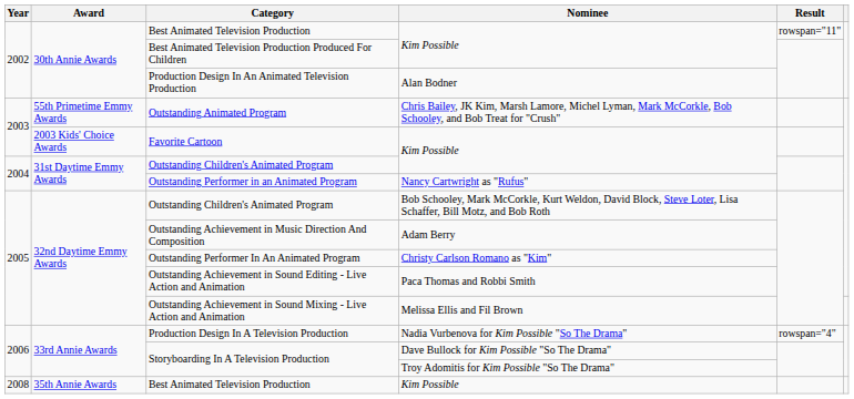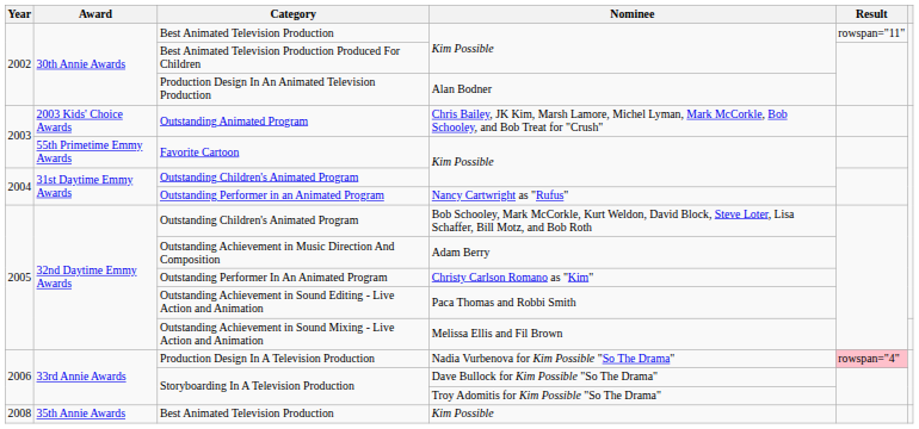 <table class="wikitable sortable">
 <tr>
 <th>Year</th>
 <th>Award</th>
 <th>Category</th>
 <th>Nominee</th>
 <th>Result</th>
 <th></th>
 </tr>
 <tr>
 <td rowspan="3">2002</td>
 <td rowspan="3"><a href='#'>30th Annie Awards</a></td>
 <td>Best Animated Television Production</td>
 <td rowspan="2"><em>Kim Possible</em></td>
 <td>rowspan="11" </td>
 <td rowspan="3" align=center></td>
 </tr>
 <tr>
 <td>Best Animated Television Production Produced For Children</td>
 </tr>
 <tr>
 <td>Production Design In An Animated Television Production</td>
 <td>Alan Bodner</td>
 </tr>
 <tr>
 <td rowspan="2">2003</td>
-<td><a href='#'>55th Primetime Emmy Awards</a></td>
+<td><a href='#'>2003 Kids' Choice Awards</a></td>
 <td><a href='#'>Outstanding Animated Program</a></td>
 <td><a href='#'>Chris Bailey</a>, JK Kim, Marsh Lamore, Michel Lyman, <a href='#'>Mark McCorkle</a>, <a href='#'>Bob Schooley</a>, and Bob Treat for "Crush"</td>
 <td align=center></td>
 </tr>
 <tr>
-<td><a href='#'>2003 Kids' Choice Awards</a></td>
+<td><a href='#'>55th Primetime Emmy Awards</a></td>
 <td><a href='#'>Favorite Cartoon</a></td>
 <td rowspan="2"><em>Kim Possible</em></td>
 <td align=center></td>
 </tr>
 <tr>
 <td rowspan="2">2004</td>
 <td rowspan="2"><a href='#'>31st Daytime Emmy Awards</a></td>
 <td><a href='#'>Outstanding Children's Animated Program</a></td>
 <td rowspan="2" align=center></td>
 </tr>
 <tr>
 <td><a href='#'>Outstanding Performer in an Animated Program</a></td>
 <td><a href='#'>Nancy Cartwright</a> as "<a href='#'>Rufus</a>"</td>
 </tr>
 <tr>
 <td rowspan="5">2005</td>
 <td rowspan="5"><a href='#'>32nd Daytime Emmy Awards</a></td>
 <td>Outstanding Children's Animated Program</td>
 <td>Bob Schooley, Mark McCorkle, Kurt Weldon, David Block, <a href='#'>Steve Loter</a>, Lisa Schaffer, Bill Motz, and Bob Roth</td>
 <td rowspan="5" align=center></td>
 </tr>
 <tr>
 <td>Outstanding Achievement in Music Direction And Composition</td>
 <td>Adam Berry</td>
 </tr>
 <tr>
 <td>Outstanding Performer In An Animated Program</td>
 <td><a href='#'>Christy Carlson Romano</a> as "<a href='#'>Kim</a>"</td>
 </tr>
 <tr>
 <td>Outstanding Achievement in Sound Editing - Live Action and Animation</td>
 <td>Paca Thomas and Robbi Smith</td>
 </tr>
 <tr>
 <td>Outstanding Achievement in Sound Mixing - Live Action and Animation</td>
 <td>Melissa Ellis and Fil Brown</td>
 <td></td>
 </tr>
 <tr>
 <td rowspan="3">2006</td>
 <td rowspan="3"><a href='#'>33rd Annie Awards</a></td>
 <td>Production Design In A Television Production</td>
 <td>Nadia Vurbenova for <em>Kim Possible</em> "<a href='#'>So The Drama</a>"</td>
-<td>rowspan="4" </td>
+<td style="background: pink;">rowspan="4" </td>
 <td rowspan="3" align=center></td>
 </tr>
 <tr>
 <td rowspan="2">Storyboarding In A Television Production</td>
 <td>Dave Bullock for <em>Kim Possible</em> "So The Drama"</td>
 </tr>
 <tr>
 <td>Troy Adomitis for <em>Kim Possible</em> "So The Drama"</td>
 </tr>
 <tr>
 <td>2008</td>
 <td><a href='#'>35th Annie Awards</a></td>
 <td>Best Animated Television Production</td>
 <td><em>Kim Possible</em></td>
 <td align=center></td>
 </tr>
 </table>
